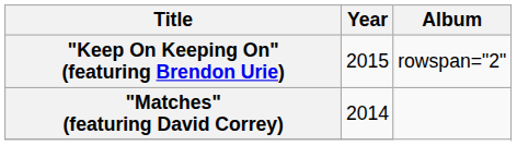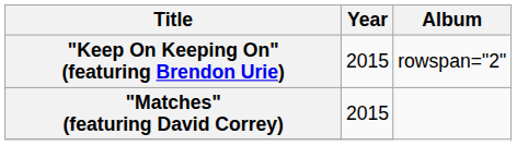 <table class="wikitable plainrowheaders" style="text-align:center;">
 <tr>
 <th scope="col" style="width:17em;">Title</th>
 <th scope="col">Year</th>
 <th scope="col">Album</th>
 </tr>
 <tr>
 <th scope="row">"Keep On Keeping On"<br><span>(featuring <a href='#'>Brendon Urie</a>)</span></th>
 <td>2015</td>
 <td>rowspan="2" </td>
 </tr>
 <tr>
 <th scope="row">"Matches"<br><span>(featuring David Correy)</span></th>
-<td>2014</td>
+<td>2015</td>
 </tr>
 <tr>
 </tr>
 </table>
